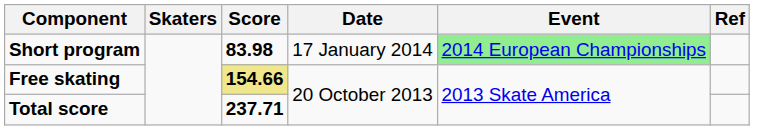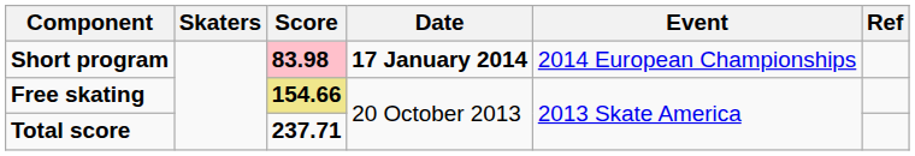 <table class="wikitable">
 <tr>
 <th>Component</th>
 <th>Skaters</th>
 <th>Score</th>
 <th>Date</th>
 <th>Event</th>
 <th>Ref</th>
 </tr>
 <tr>
 <td><strong>Short program</strong></td>
 <td rowspan=3></td>
-<td><strong>83.98</strong></td>
-<td>17 January 2014</td>
-<td style="background: lightgreen;"><a href='#'>2014 European Championships</a></td>
+<td style="background: pink;"><strong>83.98</strong></td>
+<td><strong>17 January 2014</strong></td>
+<td><a href='#'>2014 European Championships</a></td>
 <td></td>
 </tr>
 <tr>
 <td><strong>Free skating</strong></td>
 <td style="background: khaki;"><strong>154.66</strong></td>
 <td rowspan=2>20 October 2013</td>
 <td rowspan=2><a href='#'>2013 Skate America</a></td>
 <td></td>
 </tr>
 <tr>
 <td><strong>Total score</strong></td>
 <td><strong>237.71</strong></td>
 <td></td>
 </tr>
 </table>
